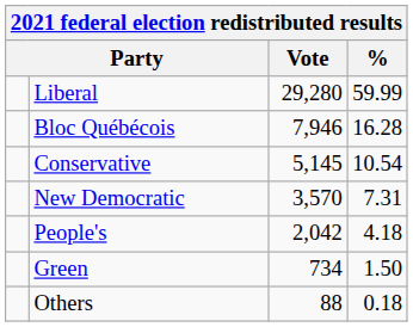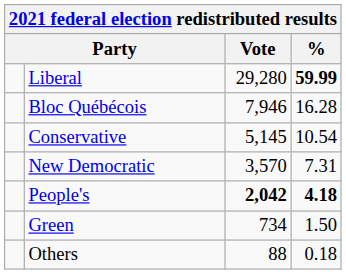 <table class="wikitable">
 <tr>
 <th colspan="4"><a href='#'>2021 federal election</a> redistributed results</th>
 </tr>
 <tr>
 <th bgcolor="#DDDDFF" width="130px" colspan="2">Party</th>
 <th bgcolor="#DDDDFF" width="50px">Vote</th>
 <th bgcolor="#DDDDFF" width="30px">%</th>
 </tr>
 <tr>
 <td> </td>
 <td><a href='#'>Liberal</a></td>
 <td align=right>29,280</td>
-<td align=right>59.99</td>
+<td align=right><strong>59.99</strong></td>
 </tr>
 <tr>
 <td> </td>
 <td><a href='#'>Bloc Québécois</a></td>
 <td align=right>7,946</td>
 <td align=right>16.28</td>
 </tr>
 <tr>
 <td> </td>
 <td><a href='#'>Conservative</a></td>
 <td align=right>5,145</td>
 <td align=right>10.54</td>
 </tr>
 <tr>
 <td> </td>
 <td><a href='#'>New Democratic</a></td>
 <td align=right>3,570</td>
 <td align=right>7.31</td>
 </tr>
 <tr>
 <td> </td>
 <td><a href='#'>People's</a></td>
-<td align=right>2,042</td>
-<td align=right>4.18</td>
+<td align=right><strong>2,042</strong></td>
+<td align=right><strong>4.18</strong></td>
 </tr>
 <tr>
 <td> </td>
 <td><a href='#'>Green</a></td>
 <td align=right>734</td>
 <td align=right>1.50</td>
 </tr>
 <tr>
 <td> </td>
 <td>Others</td>
 <td align=right>88</td>
 <td align=right>0.18</td>
 </tr>
 </table>
